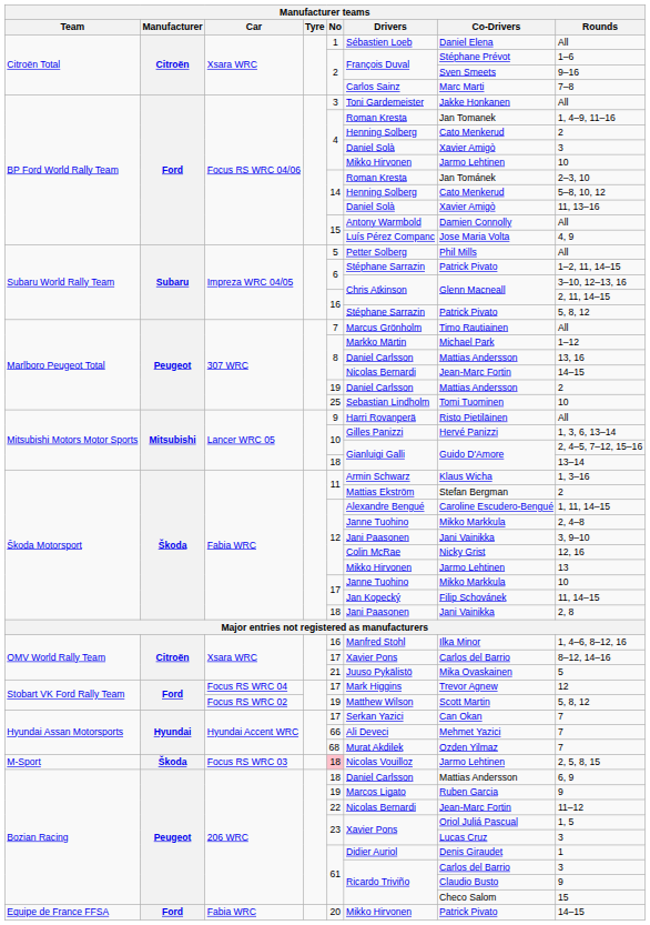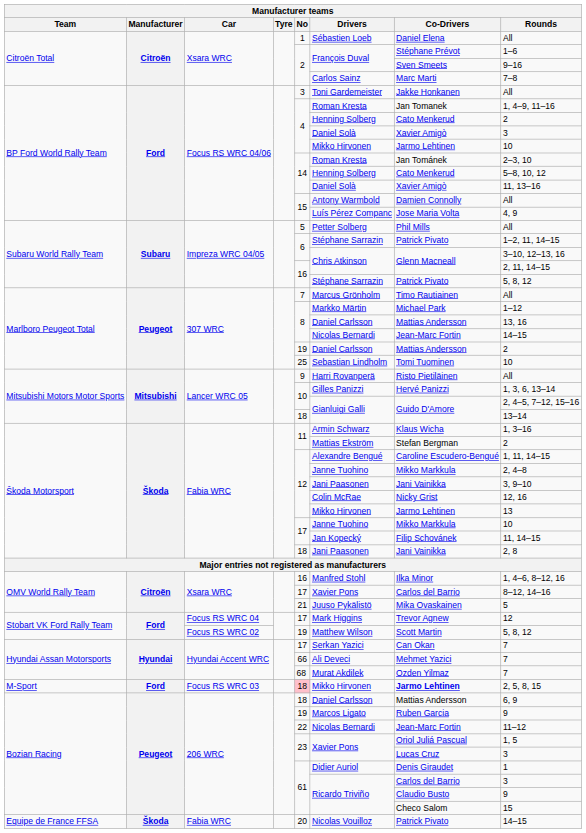 <table class="wikitable" style="font-size: 85%">
 <tr>
 <th colspan=10>Manufacturer teams</th>
 </tr>
 <tr>
 <th>Team</th>
 <th>Manufacturer</th>
 <th>Car</th>
 <th>Tyre</th>
 <th>No</th>
 <th>Drivers</th>
 <th>Co-Drivers</th>
 <th>Rounds</th>
 </tr>
 <tr>
 <td rowspan="4"> <a href='#'>Citroën Total</a></td>
 <th rowspan="4"><a href='#'>Citroën</a></th>
 <td rowspan="4"><a href='#'>Xsara WRC</a></td>
 <td rowspan="4" style="text-align:center;"></td>
 <td style="text-align:center;">1</td>
 <td> <a href='#'>Sébastien Loeb</a></td>
 <td> <a href='#'>Daniel Elena</a></td>
 <td>All</td>
 </tr>
 <tr>
 <td style="text-align:center;" rowspan="3">2</td>
 <td rowspan="2"> <a href='#'>François Duval</a></td>
 <td> <a href='#'>Stéphane Prévot</a></td>
 <td>1–6</td>
 </tr>
 <tr>
 <td> <a href='#'>Sven Smeets</a></td>
 <td>9–16</td>
 </tr>
 <tr>
 <td> <a href='#'>Carlos Sainz</a></td>
 <td> <a href='#'>Marc Marti</a></td>
 <td>7–8</td>
 </tr>
 <tr>
 <td rowspan="10"> <a href='#'>BP Ford World Rally Team</a></td>
 <th rowspan="10"><a href='#'>Ford</a></th>
 <td rowspan="10" nowrap><a href='#'>Focus RS WRC 04/06</a></td>
 <td rowspan="10" style="text-align:center;"></td>
 <td style="text-align:center;">3</td>
 <td> <a href='#'>Toni Gardemeister</a></td>
 <td> <a href='#'>Jakke Honkanen</a></td>
 <td>All</td>
 </tr>
 <tr>
 <td style="text-align:center;" rowspan="4">4</td>
 <td> <a href='#'>Roman Kresta</a></td>
 <td> Jan Tomanek</td>
 <td>1, 4–9, 11–16</td>
 </tr>
 <tr>
 <td> <a href='#'>Henning Solberg</a></td>
 <td> <a href='#'>Cato Menkerud</a></td>
 <td>2</td>
 </tr>
 <tr>
 <td> <a href='#'>Daniel Solà</a></td>
 <td> <a href='#'>Xavier Amigò</a></td>
 <td>3</td>
 </tr>
 <tr>
 <td> <a href='#'>Mikko Hirvonen</a></td>
 <td> <a href='#'>Jarmo Lehtinen</a></td>
 <td>10</td>
 </tr>
 <tr>
 <td style="text-align:center;" rowspan="3">14</td>
 <td> <a href='#'>Roman Kresta</a></td>
 <td> Jan Tománek</td>
 <td>2–3, 10</td>
 </tr>
 <tr>
 <td> <a href='#'>Henning Solberg</a></td>
 <td> <a href='#'>Cato Menkerud</a></td>
 <td>5–8, 10, 12</td>
 </tr>
 <tr>
 <td> <a href='#'>Daniel Solà</a></td>
 <td> <a href='#'>Xavier Amigò</a></td>
 <td>11, 13–16</td>
 </tr>
 <tr>
 <td style="text-align:center;" rowspan="2">15</td>
 <td> <a href='#'>Antony Warmbold</a></td>
 <td> <a href='#'>Damien Connolly</a></td>
 <td>All</td>
 </tr>
 <tr>
 <td nowrap> <a href='#'>Luís Pérez Companc</a></td>
 <td nowrap> <a href='#'>Jose Maria Volta</a></td>
 <td>4, 9</td>
 </tr>
 <tr>
 <td rowspan="5"> <a href='#'>Subaru World Rally Team</a></td>
 <th rowspan="5"><a href='#'>Subaru</a></th>
 <td rowspan="5"><a href='#'>Impreza WRC 04/05</a></td>
 <td rowspan="5" style="text-align:center;"></td>
 <td style="text-align:center;">5</td>
 <td> <a href='#'>Petter Solberg</a></td>
 <td> <a href='#'>Phil Mills</a></td>
 <td>All</td>
 </tr>
 <tr>
 <td style="text-align:center;" rowspan="2">6</td>
 <td> <a href='#'>Stéphane Sarrazin</a></td>
 <td> <a href='#'>Patrick Pivato</a></td>
 <td>1–2, 11, 14–15</td>
 </tr>
 <tr>
 <td rowspan="2"> <a href='#'>Chris Atkinson</a></td>
 <td rowspan=2> <a href='#'>Glenn Macneall</a></td>
 <td>3–10, 12–13, 16</td>
 </tr>
 <tr>
 <td style="text-align:center;" rowspan="2">16</td>
 <td>2, 11, 14–15</td>
 </tr>
 <tr>
 <td> <a href='#'>Stéphane Sarrazin</a></td>
 <td> <a href='#'>Patrick Pivato</a></td>
 <td>5, 8, 12</td>
 </tr>
 <tr>
 <td rowspan="6"> <a href='#'>Marlboro Peugeot Total</a></td>
 <th rowspan="6"><a href='#'>Peugeot</a></th>
 <td rowspan="6"><a href='#'>307 WRC</a></td>
 <td rowspan="6" style="text-align:center;"></td>
 <td style="text-align:center;">7</td>
 <td> <a href='#'>Marcus Grönholm</a></td>
 <td> <a href='#'>Timo Rautiainen</a></td>
 <td>All</td>
 </tr>
 <tr>
 <td style="text-align:center;" rowspan="3">8</td>
 <td> <a href='#'>Markko Märtin</a></td>
 <td> <a href='#'>Michael Park</a></td>
 <td>1–12</td>
 </tr>
 <tr>
 <td> <a href='#'>Daniel Carlsson</a></td>
 <td> <a href='#'>Mattias Andersson</a></td>
 <td>13, 16</td>
 </tr>
 <tr>
 <td> <a href='#'>Nicolas Bernardi</a></td>
 <td> <a href='#'>Jean-Marc Fortin</a></td>
 <td>14–15</td>
 </tr>
 <tr>
 <td style="text-align:center;">19</td>
 <td> <a href='#'>Daniel Carlsson</a></td>
 <td> <a href='#'>Mattias Andersson</a></td>
 <td>2</td>
 </tr>
 <tr>
 <td style="text-align:center;">25</td>
 <td> <a href='#'>Sebastian Lindholm</a></td>
 <td> <a href='#'>Tomi Tuominen</a></td>
 <td>10</td>
 </tr>
 <tr>
 <td rowspan="4" nowrap> <a href='#'>Mitsubishi Motors Motor Sports</a></td>
 <th rowspan="4"><a href='#'>Mitsubishi</a></th>
 <td rowspan="4"><a href='#'>Lancer WRC 05</a></td>
 <td rowspan="4" style="text-align:center;"></td>
 <td style="text-align:center;">9</td>
 <td> <a href='#'>Harri Rovanperä</a></td>
 <td> <a href='#'>Risto Pietiläinen</a></td>
 <td>All</td>
 </tr>
 <tr>
 <td style="text-align:center;" rowspan="2">10</td>
 <td> <a href='#'>Gilles Panizzi</a></td>
 <td> <a href='#'>Hervé Panizzi</a></td>
 <td>1, 3, 6, 13–14</td>
 </tr>
 <tr>
 <td rowspan="2"> <a href='#'>Gianluigi Galli</a></td>
 <td rowspan=2> <a href='#'>Guido D'Amore</a></td>
 <td nowrap>2, 4–5, 7–12, 15–16</td>
 </tr>
 <tr>
 <td style="text-align:center;">18</td>
 <td>13–14</td>
 </tr>
 <tr>
 <td rowspan="10"> <a href='#'>Škoda Motorsport</a></td>
 <th rowspan="10"><a href='#'>Škoda</a></th>
 <td rowspan="10"><a href='#'>Fabia WRC</a></td>
 <td rowspan="10" style="text-align:center;"></td>
 <td style="text-align:center;" rowspan="2">11</td>
 <td> <a href='#'>Armin Schwarz</a></td>
 <td> <a href='#'>Klaus Wicha</a></td>
 <td>1, 3–16</td>
 </tr>
 <tr>
 <td> <a href='#'>Mattias Ekström</a></td>
 <td> Stefan Bergman</td>
 <td>2</td>
 </tr>
 <tr>
 <td style="text-align:center;" rowspan="5">12</td>
 <td> <a href='#'>Alexandre Bengué</a></td>
 <td nowrap> <a href='#'>Caroline Escudero-Bengué</a></td>
 <td>1, 11, 14–15</td>
 </tr>
 <tr>
 <td> <a href='#'>Janne Tuohino</a></td>
 <td> <a href='#'>Mikko Markkula</a></td>
 <td>2, 4–8</td>
 </tr>
 <tr>
 <td> <a href='#'>Jani Paasonen</a></td>
 <td> <a href='#'>Jani Vainikka</a></td>
 <td>3, 9–10</td>
 </tr>
 <tr>
 <td> <a href='#'>Colin McRae</a></td>
 <td> <a href='#'>Nicky Grist</a></td>
 <td>12, 16</td>
 </tr>
 <tr>
 <td> <a href='#'>Mikko Hirvonen</a></td>
 <td> <a href='#'>Jarmo Lehtinen</a></td>
 <td>13</td>
 </tr>
 <tr>
 <td style="text-align:center;" rowspan="2">17</td>
 <td> <a href='#'>Janne Tuohino</a></td>
 <td> <a href='#'>Mikko Markkula</a></td>
 <td>10</td>
 </tr>
 <tr>
 <td> <a href='#'>Jan Kopecký</a></td>
 <td> <a href='#'>Filip Schovánek</a></td>
 <td>11, 14–15</td>
 </tr>
 <tr>
 <td style="text-align:center;">18</td>
 <td> <a href='#'>Jani Paasonen</a></td>
 <td> <a href='#'>Jani Vainikka</a></td>
 <td>2, 8</td>
 </tr>
 <tr>
 <th colspan=10>Major entries not registered as manufacturers</th>
 </tr>
 <tr>
 <td rowspan=3> <a href='#'>OMV World Rally Team</a></td>
 <th rowspan=3><a href='#'>Citroën</a></th>
 <td rowspan=3><a href='#'>Xsara WRC</a></td>
 <td rowspan="3" style="text-align:center;"></td>
 <td style="text-align:center;">16</td>
 <td> <a href='#'>Manfred Stohl</a></td>
 <td> <a href='#'>Ilka Minor</a></td>
 <td>1, 4–6, 8–12, 16</td>
 </tr>
 <tr>
 <td style="text-align:center;">17</td>
 <td> <a href='#'>Xavier Pons</a></td>
 <td> <a href='#'>Carlos del Barrio</a></td>
 <td>8–12, 14–16</td>
 </tr>
 <tr>
 <td style="text-align:center;">21</td>
 <td> <a href='#'>Juuso Pykälistö</a></td>
 <td> <a href='#'>Mika Ovaskainen</a></td>
 <td>5</td>
 </tr>
 <tr>
 <td rowspan=2> <a href='#'>Stobart VK Ford Rally Team</a></td>
 <th rowspan=2><a href='#'>Ford</a></th>
 <td><a href='#'>Focus RS WRC 04</a></td>
 <td rowspan="2" style="text-align:center;"></td>
 <td style="text-align:center;">17</td>
 <td> <a href='#'>Mark Higgins</a></td>
 <td> <a href='#'>Trevor Agnew</a></td>
 <td>12</td>
 </tr>
 <tr>
 <td><a href='#'>Focus RS WRC 02</a></td>
 <td style="text-align:center;">19</td>
 <td> <a href='#'>Matthew Wilson</a></td>
 <td> <a href='#'>Scott Martin</a></td>
 <td>5, 8, 12</td>
 </tr>
 <tr>
 <td rowspan=3> <a href='#'>Hyundai Assan Motorsports</a></td>
 <th rowspan=3><a href='#'>Hyundai</a></th>
 <td rowspan=3><a href='#'>Hyundai Accent WRC</a></td>
 <td rowspan="3" style="text-align:center;"></td>
 <td style="text-align:center;">17</td>
 <td> <a href='#'>Serkan Yazici</a></td>
 <td> <a href='#'>Can Okan</a></td>
 <td>7</td>
 </tr>
 <tr>
 <td style="text-align:center;">66</td>
 <td> <a href='#'>Ali Deveci</a></td>
 <td> <a href='#'>Mehmet Yazici</a></td>
 <td>7</td>
 </tr>
 <tr>
 <td style="tezt-align:center;">68</td>
 <td> <a href='#'>Murat Akdilek</a></td>
 <td> <a href='#'>Ozden Yilmaz</a></td>
 <td>7</td>
 </tr>
 <tr>
 <td> <a href='#'>M-Sport</a></td>
-<th><a href='#'>Škoda</a></th>
+<th><a href='#'>Ford</a></th>
 <td><a href='#'>Focus RS WRC 03</a></td>
 <td style="text-align:center;"></td>
 <td style="background: pink; text-align:center;">18</td>
-<td> <a href='#'>Nicolas Vouilloz</a></td>
-<td> <a href='#'>Jarmo Lehtinen</a></td>
+<td> <a href='#'>Mikko Hirvonen</a></td>
+<td><strong> <a href='#'>Jarmo Lehtinen</a></strong></td>
 <td>2, 5, 8, 15</td>
 </tr>
 <tr>
 <td rowspan=9> <a href='#'>Bozian Racing</a></td>
 <th rowspan=9><a href='#'>Peugeot</a></th>
 <td rowspan=9><a href='#'>206 WRC</a></td>
 <td rowspan="9" style="text-align:center;"><br></td>
 <td style="text-align:center;">18</td>
 <td> <a href='#'>Daniel Carlsson</a></td>
 <td> Mattias Andersson</td>
 <td>6, 9</td>
 </tr>
 <tr>
 <td style="text-align:center;">19</td>
 <td> <a href='#'>Marcos Ligato</a></td>
 <td> <a href='#'>Ruben Garcia</a></td>
 <td>9</td>
 </tr>
 <tr>
 <td style="text-align:center;">22</td>
 <td> <a href='#'>Nicolas Bernardi</a></td>
 <td> <a href='#'>Jean-Marc Fortin</a></td>
 <td>11–12</td>
 </tr>
 <tr>
 <td rowspan="2" style="text-align:center;">23</td>
 <td rowspan="2"> <a href='#'>Xavier Pons</a></td>
 <td> <a href='#'>Oriol Juliá Pascual</a></td>
 <td>1, 5</td>
 </tr>
 <tr>
 <td> <a href='#'>Lucas Cruz</a></td>
 <td>3</td>
 </tr>
 <tr>
 <td rowspan="4" style="text-align:center;">61</td>
 <td> <a href='#'>Didier Auriol</a></td>
 <td> <a href='#'>Denis Giraudet</a></td>
 <td>1</td>
 </tr>
 <tr>
 <td rowspan="3"> <a href='#'>Ricardo Triviño</a></td>
 <td> <a href='#'>Carlos del Barrio</a></td>
 <td>3</td>
 </tr>
 <tr>
 <td> <a href='#'>Claudio Busto</a></td>
 <td>9</td>
 </tr>
 <tr>
 <td> Checo Salom</td>
 <td>15</td>
 </tr>
 <tr>
 <td> <a href='#'>Equipe de France FFSA</a></td>
-<th><a href='#'>Ford</a></th>
+<th><a href='#'>Škoda</a></th>
 <td><a href='#'>Fabia WRC</a></td>
 <td style="text-align:center;"></td>
 <td style="text-align:center;">20</td>
-<td> <a href='#'>Mikko Hirvonen</a></td>
+<td> <a href='#'>Nicolas Vouilloz</a></td>
 <td> <a href='#'>Patrick Pivato</a></td>
 <td>14–15</td>
 </tr>
 </table>
